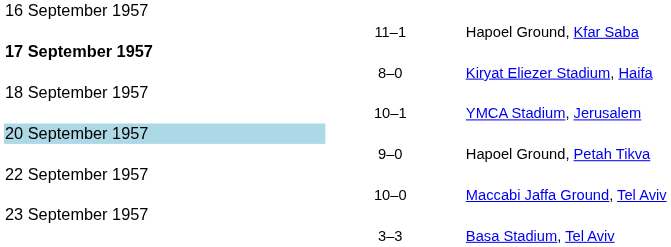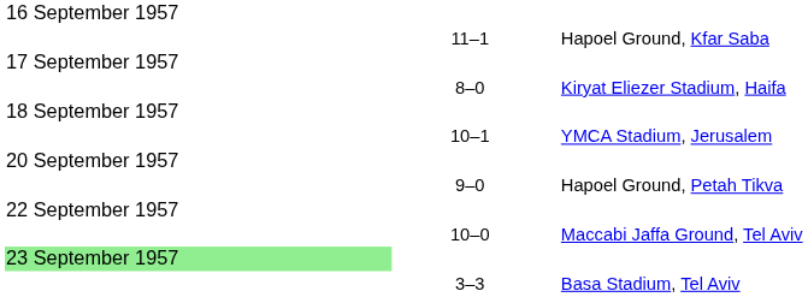 <table style="width:100%;" cellspacing="1">
 <tr>
 <th width=25%></th>
 <th width=10%></th>
 <th></th>
 </tr>
 <tr>
 <td>16 September 1957</td>
 </tr>
 <tr style=font-size:90%>
 <td align=right></td>
 <td align=center>11–1</td>
 <td></td>
 <td>Hapoel Ground, <a href='#'>Kfar Saba</a></td>
 </tr>
 <tr>
-<td><strong>17 September 1957</strong></td>
+<td>17 September 1957</td>
 </tr>
 <tr style=font-size:90%>
 <td align=right></td>
 <td align=center>8–0</td>
 <td></td>
 <td><a href='#'>Kiryat Eliezer Stadium</a>, <a href='#'>Haifa</a></td>
 </tr>
 <tr>
 <td>18 September 1957</td>
 </tr>
 <tr style=font-size:90%>
 <td align=right></td>
 <td align=center>10–1</td>
 <td></td>
 <td><a href='#'>YMCA Stadium</a>, <a href='#'>Jerusalem</a></td>
 </tr>
 <tr>
-<td style="background: lightblue;">20 September 1957</td>
+<td>20 September 1957</td>
 </tr>
 <tr style=font-size:90%>
 <td align=right></td>
 <td align=center>9–0</td>
 <td></td>
 <td>Hapoel Ground, <a href='#'>Petah Tikva</a></td>
 </tr>
 <tr>
 <td>22 September 1957</td>
 </tr>
 <tr style=font-size:90%>
 <td align=right></td>
 <td align=center>10–0</td>
 <td></td>
 <td><a href='#'>Maccabi Jaffa Ground</a>, <a href='#'>Tel Aviv</a></td>
 </tr>
 <tr>
-<td>23 September 1957</td>
+<td style="background: lightgreen;">23 September 1957</td>
 </tr>
 <tr style=font-size:90%>
 <td align=right></td>
 <td align=center>3–3</td>
 <td></td>
 <td><a href='#'>Basa Stadium</a>, <a href='#'>Tel Aviv</a></td>
 </tr>
 </table>
